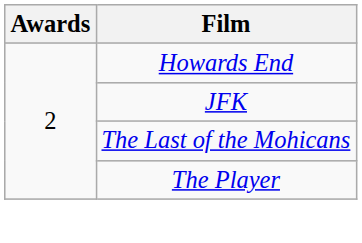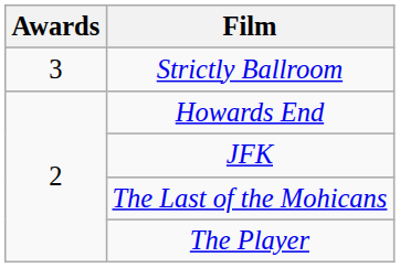 <table class="wikitable" style="text-align:center;">
 <tr>
 <th style="background:">Awards</th>
 <th style="background:">Film</th>
+</tr>
+<tr>
+<td>3</td>
+<td><em><a href='#'>Strictly Ballroom</a></em></td>
 </tr>
 <tr>
 <td rowspan="4">2</td>
 <td><em><a href='#'>Howards End</a></em></td>
 </tr>
 <tr>
 <td><em><a href='#'>JFK</a></em></td>
 </tr>
 <tr>
 <td><em><a href='#'>The Last of the Mohicans</a></em></td>
 </tr>
 <tr>
 <td><em><a href='#'>The Player</a></em></td>
 </tr>
 </table>
